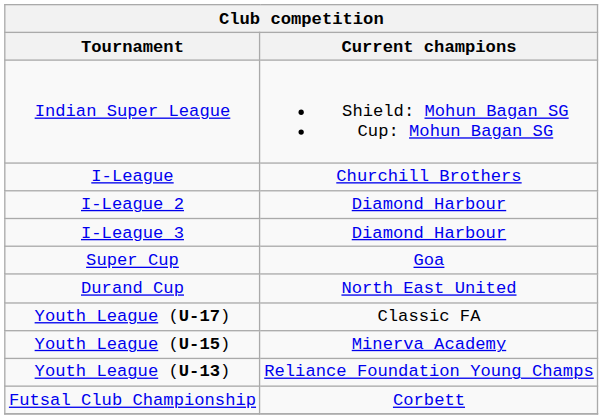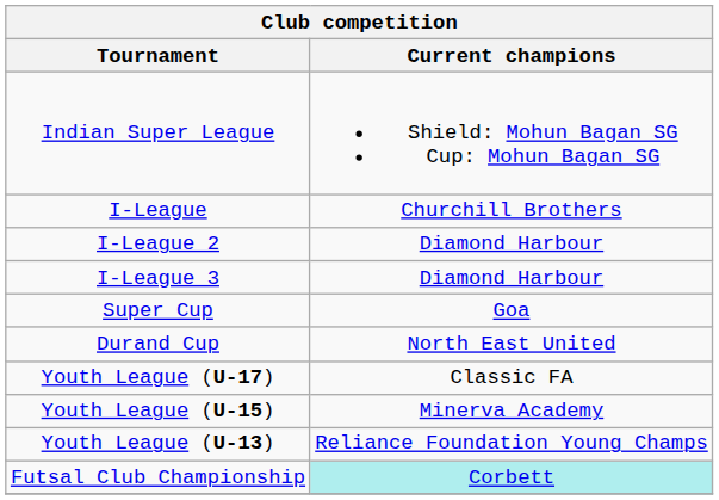 <table class="wikitable" style="text-align:center;margin-left:1em;float:center">
 <tr>
 <th colspan="3">Club competition</th>
 </tr>
 <tr>
 <th>Tournament</th>
 <th>Current champions</th>
 </tr>
 <tr>
 <td><a href='#'>Indian Super League</a></td>
 <td><br><ul><li>Shield: <a href='#'>Mohun Bagan SG</a></li><li>Cup: <a href='#'>Mohun Bagan SG</a></li></ul></td>
 </tr>
 <tr>
 <td><a href='#'>I-League</a></td>
 <td><a href='#'>Churchill Brothers</a></td>
 </tr>
 <tr>
 <td><a href='#'>I-League 2</a></td>
 <td><a href='#'>Diamond Harbour</a></td>
 </tr>
 <tr>
 <td><a href='#'>I-League 3</a></td>
 <td><a href='#'>Diamond Harbour</a></td>
 </tr>
 <tr>
 <td><a href='#'>Super Cup</a></td>
 <td><a href='#'>Goa</a></td>
 </tr>
 <tr>
 <td><a href='#'>Durand Cup</a></td>
 <td><a href='#'>North East United</a></td>
 </tr>
 <tr>
 <td><a href='#'>Youth League</a> (<strong>U-17</strong>)</td>
 <td>Classic FA</td>
 </tr>
 <tr>
 <td><a href='#'>Youth League</a> (<strong>U-15</strong>)</td>
 <td><a href='#'>Minerva Academy</a></td>
 </tr>
 <tr>
 <td><a href='#'>Youth League</a> (<strong>U-13</strong>)</td>
 <td><a href='#'>Reliance Foundation Young Champs</a></td>
 </tr>
 <tr>
 <td><a href='#'>Futsal Club Championship</a></td>
-<td><a href='#'>Corbett</a></td>
+<td style="background: paleturquoise;"><a href='#'>Corbett</a></td>
 </tr>
 <tr>
 </tr>
 </table>
